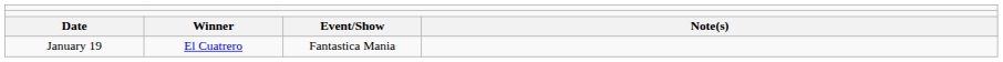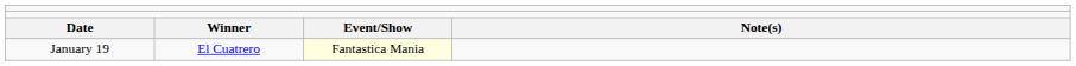 <table class="wikitable" style="text-align:center; width:100%;">
 <tr>
 <td colspan="5"></td>
 </tr>
 <tr>
 <td colspan="5"><strong></strong></td>
 </tr>
 <tr>
 <th width=14%>Date</th>
 <th width=14%>Winner</th>
 <th width=14%>Event/Show</th>
 <th width=58%>Note(s)</th>
 </tr>
 <tr>
 <td>January 19</td>
 <td><a href='#'>El Cuatrero</a></td>
-<td>Fantastica Mania</td>
+<td style="background: lightyellow;">Fantastica Mania</td>
 <td></td>
 </tr>
 </table>
